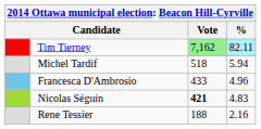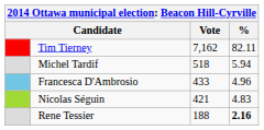 <table class="wikitable">
 <tr>
 <th colspan="4"><a href='#'>2014 Ottawa municipal election</a>: <a href='#'>Beacon Hill-Cyrville</a></th>
 </tr>
 <tr>
 <th bgcolor="#DDDDFF" width="230px" colspan="2">Candidate</th>
 <th bgcolor="#DDDDFF" width="50px">Vote</th>
 <th bgcolor="#DDDDFF" width="30px">%</th>
 </tr>
 <tr>
 <td bgcolor=#FD0000 width="30px"> </td>
 <td>  <a href='#'>Tim Tierney</a></td>
-<td style="background: lightgreen;">7,162</td>
-<td style="background: paleturquoise;">82.11</td>
+<td>7,162</td>
+<td>82.11</td>
 </tr>
 <tr>
 <td bgcolor=#DCDCDC width="30px"> </td>
 <td>  Michel Tardif</td>
 <td>518</td>
 <td>5.94</td>
 </tr>
 <tr>
 <td bgcolor=#71C6E5 width="30px"> </td>
 <td>  Francesca D'Ambrosio</td>
 <td>433</td>
 <td>4.96</td>
 </tr>
 <tr>
 <td bgcolor=#A2DA35 width="30px"> </td>
 <td>  Nicolas Séguin</td>
-<td><strong>421</strong></td>
+<td>421</td>
 <td>4.83</td>
 </tr>
 <tr>
 <td bgcolor=#DCDCDC width="30px"> </td>
 <td>  Rene Tessier</td>
 <td>188</td>
-<td>2.16</td>
+<td><strong>2.16</strong></td>
 </tr>
 </table>
